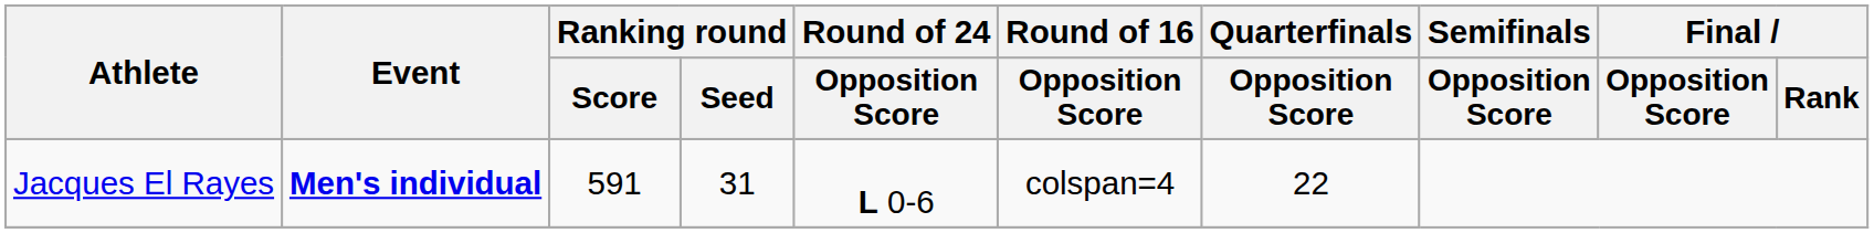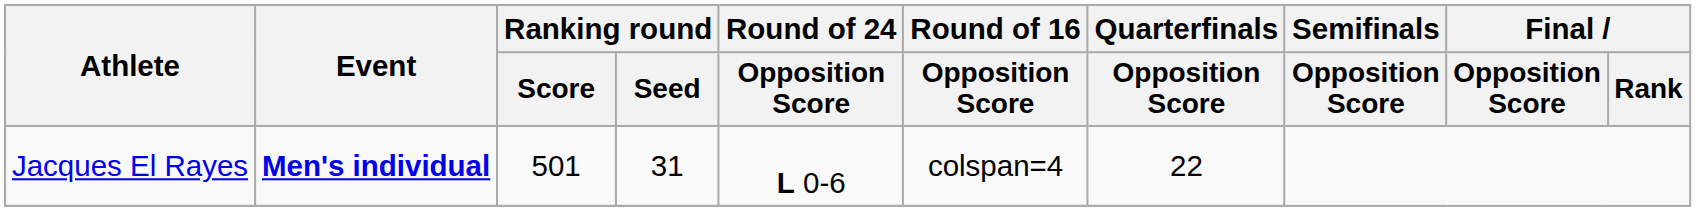 <table class="wikitable" style="font-size:90%">
 <tr>
 <th rowspan=2>Athlete</th>
 <th rowspan=2>Event</th>
 <th colspan=2>Ranking round</th>
 <th>Round of 24</th>
 <th>Round of 16</th>
 <th>Quarterfinals</th>
 <th>Semifinals</th>
 <th colspan=2>Final / </th>
 </tr>
 <tr style="font-size:95%">
 <th>Score</th>
 <th>Seed</th>
 <th>Opposition<br>Score</th>
 <th>Opposition<br>Score</th>
 <th>Opposition<br>Score</th>
 <th>Opposition<br>Score</th>
 <th>Opposition<br>Score</th>
 <th>Rank</th>
 </tr>
 <tr align=center>
 <td align=left><a href='#'>Jacques El Rayes</a></td>
 <td align=left><strong><a href='#'>Men's individual</a></strong></td>
-<td>591</td>
+<td>501</td>
 <td>31</td>
 <td><br><strong>L</strong> 0-6</td>
 <td>colspan=4 </td>
 <td>22</td>
 </tr>
 <tr>
 </tr>
 </table>
